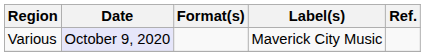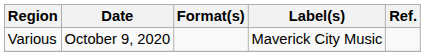 <table class="wikitable plainrowheaders">
 <tr>
 <th scope="col">Region</th>
 <th scope="col">Date</th>
 <th scope="col">Format(s)</th>
 <th scope="col">Label(s)</th>
 <th scope="col">Ref.</th>
 </tr>
 <tr>
 <td>Various</td>
-<td style="background: lavender;">October 9, 2020</td>
+<td>October 9, 2020</td>
 <td></td>
 <td>Maverick City Music</td>
 <td></td>
 </tr>
 <tr>
 </tr>
 </table>
